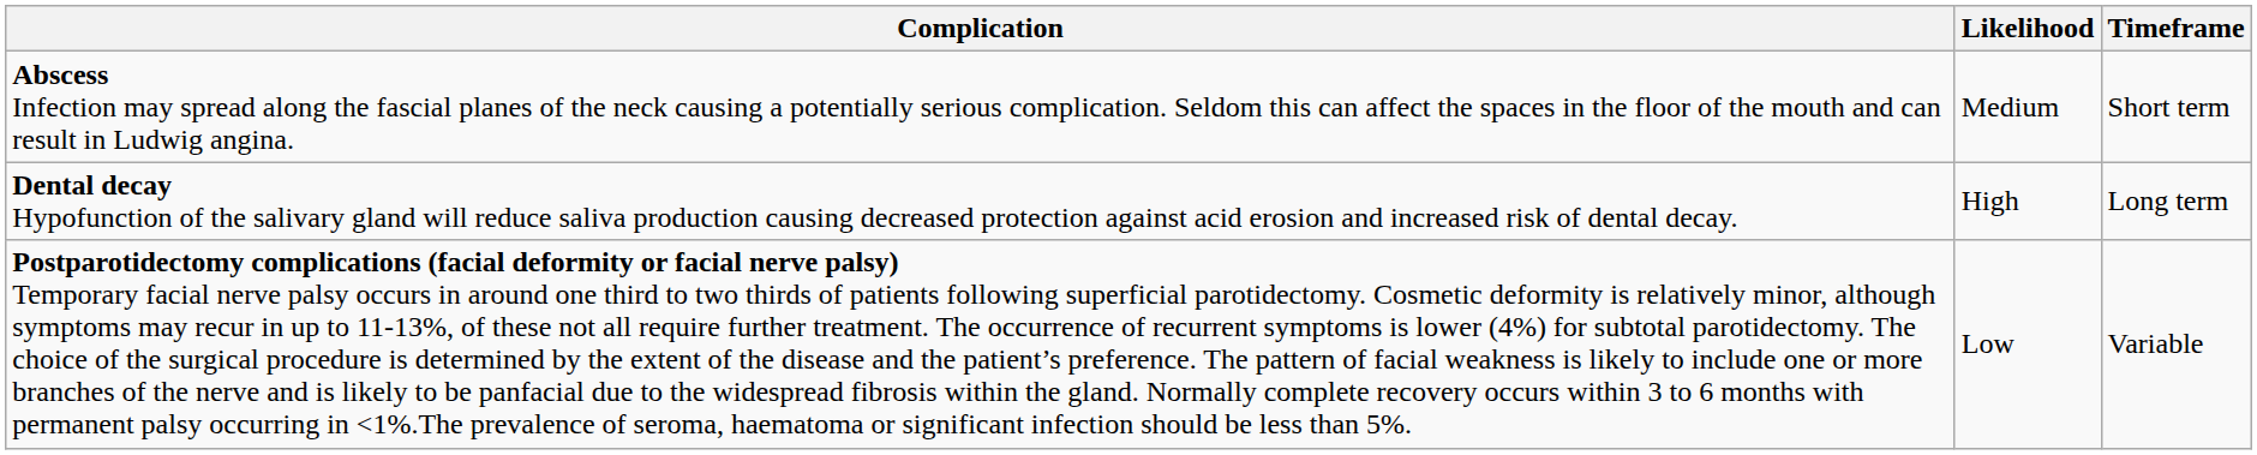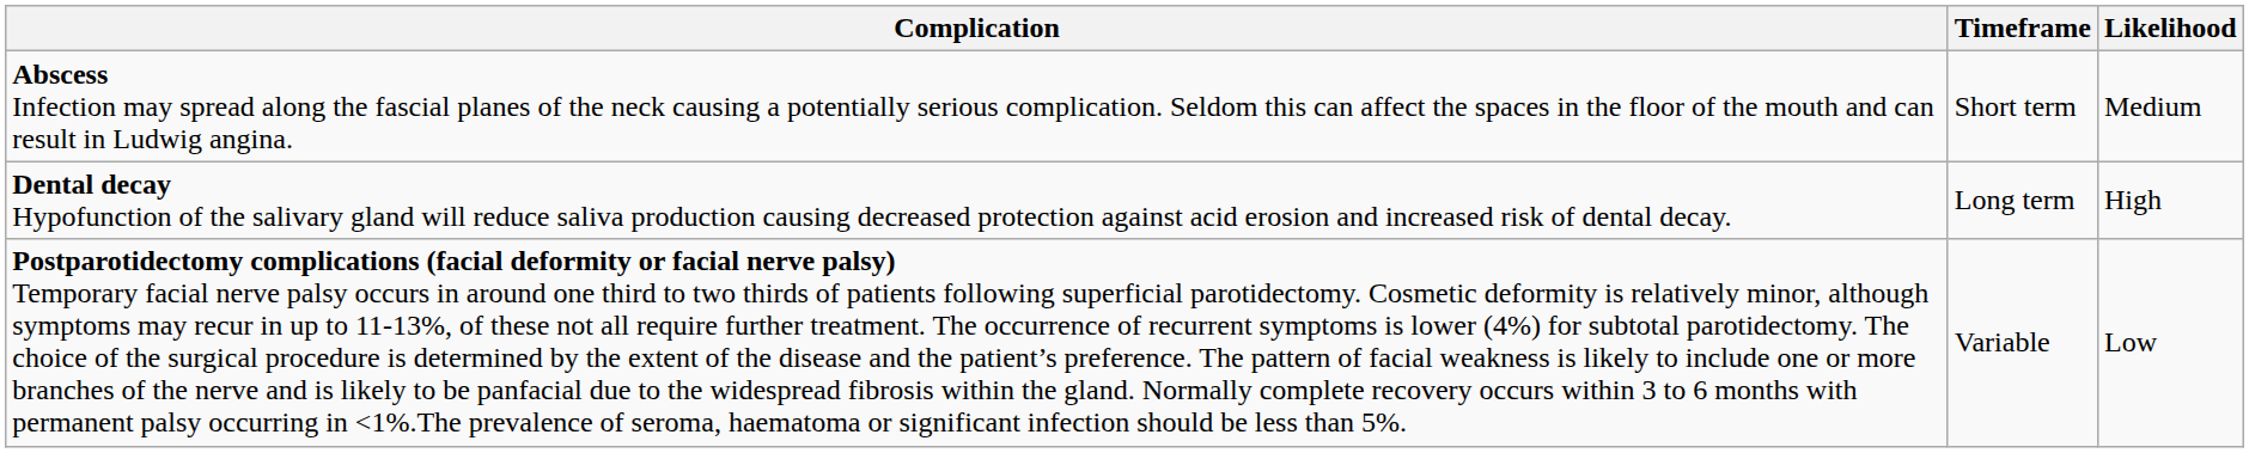 <table class="wikitable">
 <tr>
 <th>Complication</th>
+<th>Timeframe</th>
 <th>Likelihood</th>
-<th>Timeframe</th>
 </tr>
 <tr>
 <td><strong>Abscess</strong><br>Infection may spread along the fascial planes of the neck causing a potentially serious complication. Seldom this can affect the spaces in the floor of the mouth and can result in Ludwig angina.</td>
+<td>Short term</td>
 <td>Medium</td>
-<td>Short term</td>
 </tr>
 <tr>
 <td><strong>Dental decay</strong><br>Hypofunction of the salivary gland will reduce saliva production causing decreased protection against acid erosion and increased risk of dental decay.</td>
+<td>Long term</td>
 <td>High</td>
-<td>Long term</td>
 </tr>
 <tr>
 <td><strong>Postparotidectomy complications (facial deformity or facial nerve palsy)</strong><br>Temporary facial nerve palsy occurs in around one third to two thirds of patients following superficial parotidectomy. Cosmetic deformity is relatively minor, although symptoms may recur in up to 11-13%, of these not all require further treatment.  The occurrence of recurrent symptoms is lower (4%) for subtotal parotidectomy. The choice of the surgical procedure is determined by the extent of the disease and the patient’s preference. The pattern of facial weakness is likely to include one or more branches of the nerve and is likely to be panfacial due to the widespread fibrosis within the gland. Normally complete recovery occurs within 3 to 6 months with permanent palsy occurring in <1%.The prevalence of seroma, haematoma or significant infection should be less than 5%.</td>
+<td>Variable</td>
 <td>Low</td>
-<td>Variable</td>
 </tr>
 </table>
